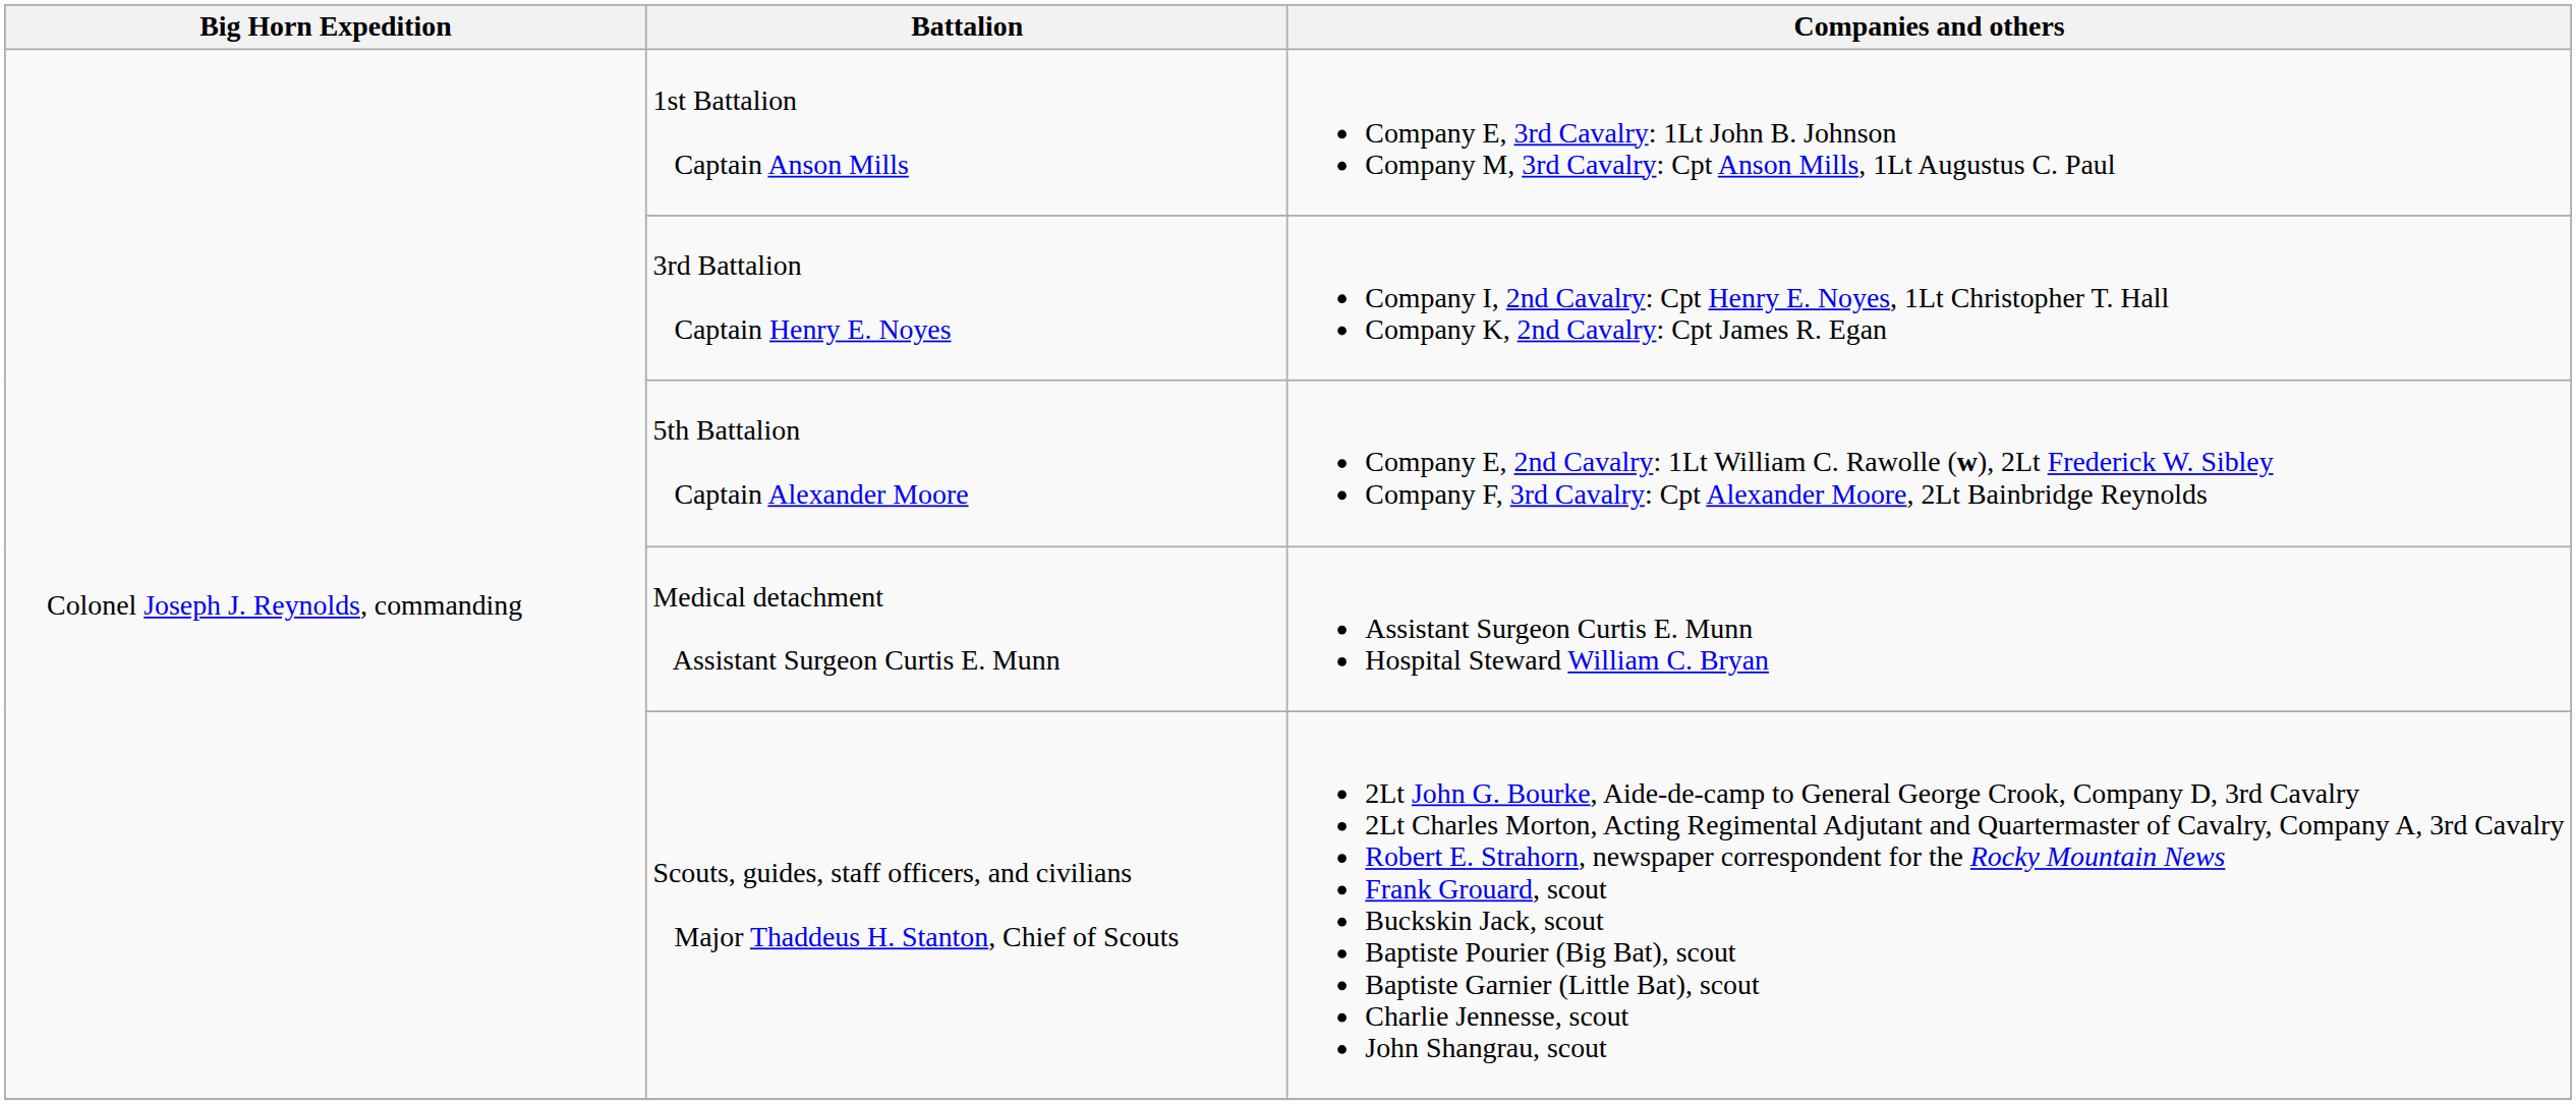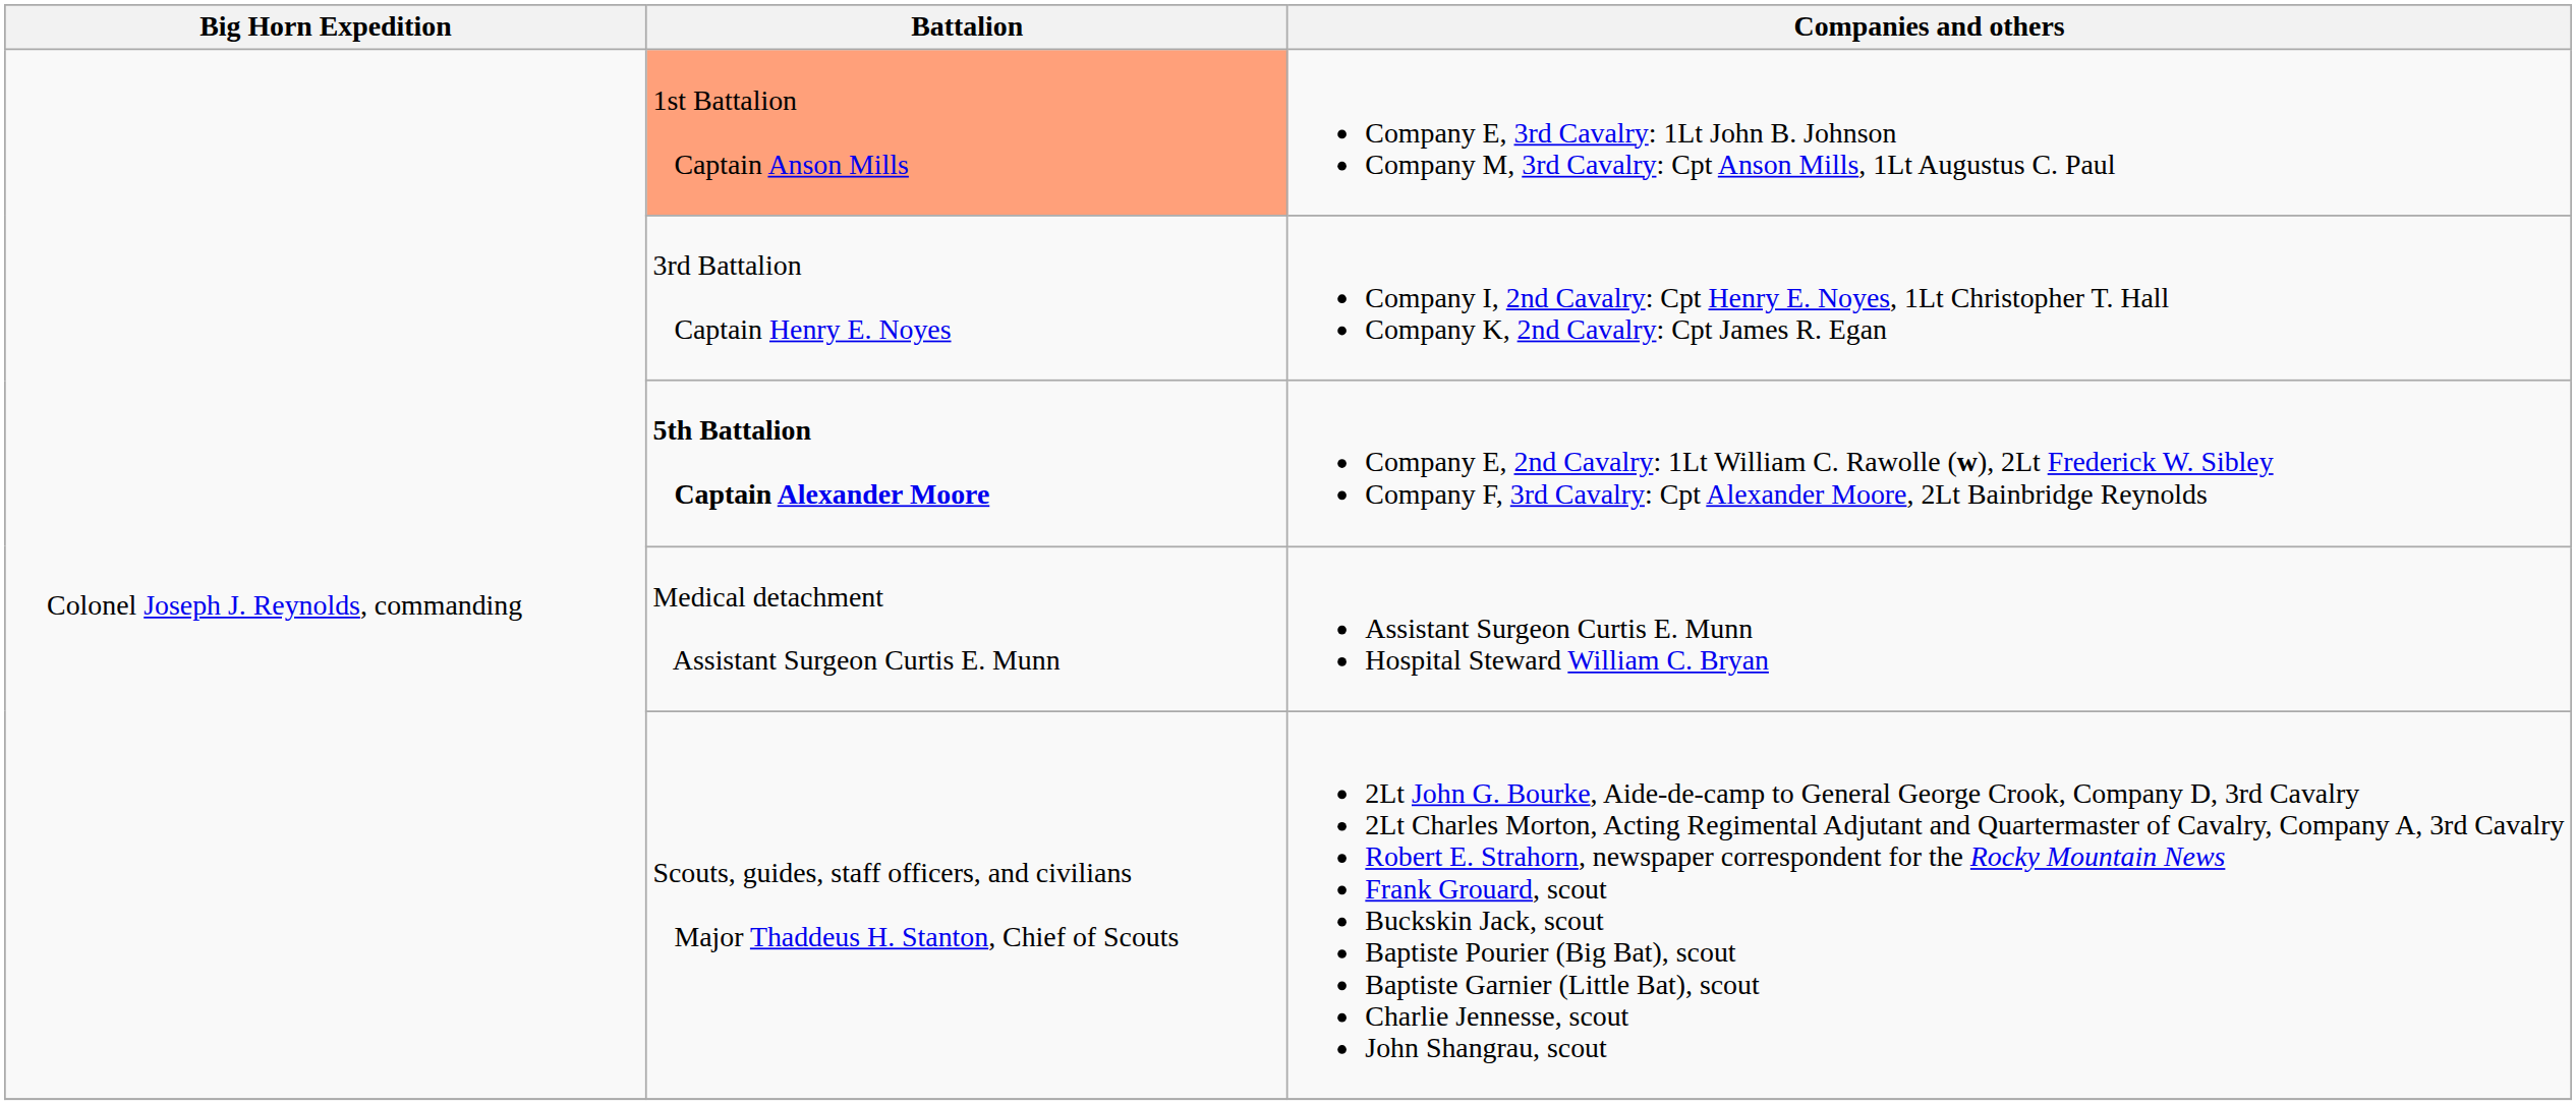 <table class="wikitable">
 <tr>
 <th style="width:25%;">Big Horn Expedition</th>
 <th style="width:25%;">Battalion</th>
 <th>Companies and others</th>
 </tr>
 <tr>
 <td rowspan=5><br><br>     Colonel <a href='#'>Joseph J. Reynolds</a>, commanding</td>
-<td>1st Battalion<br><br>   Captain <a href='#'>Anson Mills</a></td>
+<td style="background: lightsalmon;">1st Battalion<br><br>   Captain <a href='#'>Anson Mills</a></td>
 <td><br><ul><li>Company E, <a href='#'>3rd Cavalry</a>: 1Lt John B. Johnson</li><li>Company M, <a href='#'>3rd Cavalry</a>: Cpt <a href='#'>Anson Mills</a>, 1Lt Augustus C. Paul</li></ul></td>
 </tr>
 <tr>
 <td>3rd Battalion<br><br>   Captain <a href='#'>Henry E. Noyes</a></td>
 <td><br><ul><li>Company I, <a href='#'>2nd Cavalry</a>: Cpt <a href='#'>Henry E. Noyes</a>, 1Lt Christopher T. Hall</li><li>Company K, <a href='#'>2nd Cavalry</a>: Cpt James R. Egan</li></ul></td>
 </tr>
 <tr>
-<td>5th Battalion<br><br>   Captain <a href='#'>Alexander Moore</a></td>
+<td><strong>5th Battalion<br><br>   Captain <a href='#'>Alexander Moore</a></strong></td>
 <td><br><ul><li>Company E, <a href='#'>2nd Cavalry</a>: 1Lt William C. Rawolle (<strong>w</strong>), 2Lt <a href='#'>Frederick W. Sibley</a></li><li>Company F, <a href='#'>3rd Cavalry</a>: Cpt <a href='#'>Alexander Moore</a>, 2Lt Bainbridge Reynolds</li></ul></td>
 </tr>
 <tr>
 <td>Medical detachment<br><br>   Assistant Surgeon Curtis E. Munn</td>
 <td><br><ul><li>Assistant Surgeon Curtis E. Munn</li><li>Hospital Steward <a href='#'>William C. Bryan</a></li></ul></td>
 </tr>
 <tr>
 <td>Scouts, guides, staff officers, and civilians<br><br>   Major <a href='#'>Thaddeus H. Stanton</a>, Chief of Scouts</td>
 <td><br><ul><li>2Lt <a href='#'>John G. Bourke</a>, Aide-de-camp to General George Crook, Company D, 3rd Cavalry</li><li>2Lt Charles Morton, Acting Regimental Adjutant and Quartermaster of Cavalry, Company A, 3rd Cavalry</li><li><a href='#'>Robert E. Strahorn</a>, newspaper correspondent for the <em><a href='#'>Rocky Mountain News</a></em></li><li><a href='#'>Frank Grouard</a>, scout</li><li>Buckskin Jack, scout</li><li>Baptiste Pourier (Big Bat), scout</li><li>Baptiste Garnier (Little Bat), scout</li><li>Charlie Jennesse, scout</li><li>John Shangrau, scout</li></ul></td>
 </tr>
 <tr>
 </tr>
 </table>
